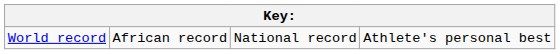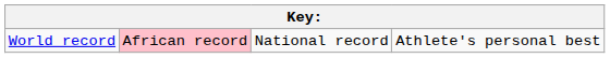 <table class="wikitable">
 <tr>
 <th colspan=4>Key:</th>
 </tr>
 <tr>
 <td><a href='#'>World record</a></td>
-<td>African record</td>
+<td style="background: pink;">African record</td>
 <td>National record</td>
 <td>Athlete's personal best</td>
 </tr>
 </table>
